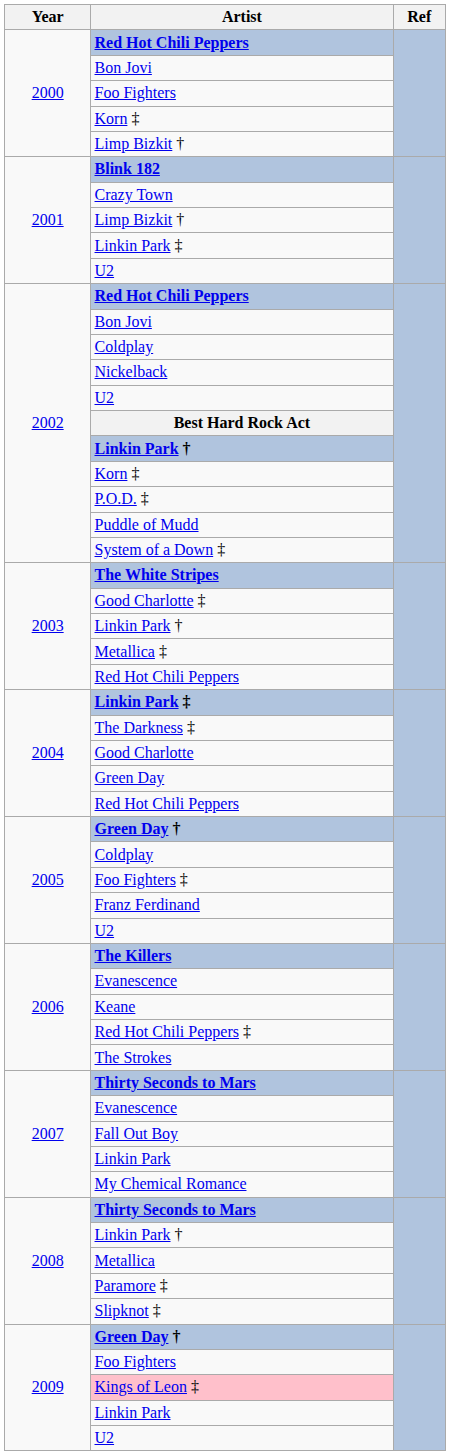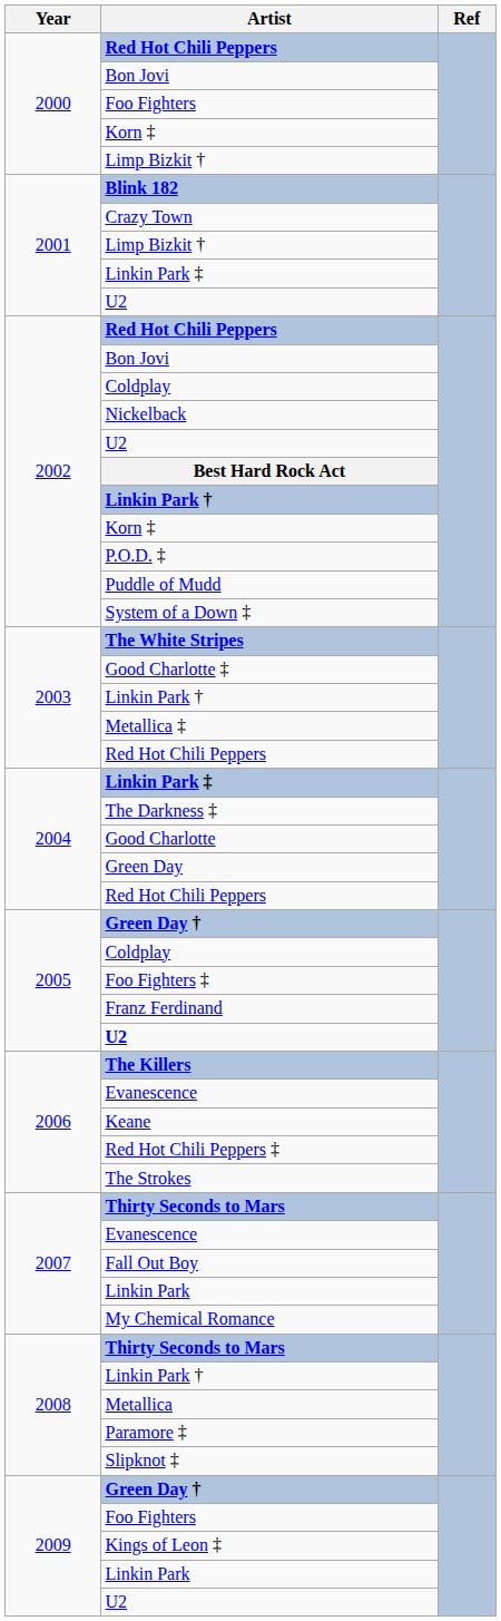 <table class="wikitable" style="width:50%">
 <tr style="background:#bebebe;">
 <th style="width:10%;">Year</th>
 <th style="width:35%;">Artist</th>
 <th style="width:5%;">Ref</th>
 </tr>
 <tr>
 <td rowspan="6" align="center"><a href='#'>2000</a></td>
 </tr>
 <tr style="background:#B0C4DE">
 <td><strong><a href='#'>Red Hot Chili Peppers</a></strong></td>
 <td rowspan="6" align="center"></td>
 </tr>
 <tr>
 <td><a href='#'>Bon Jovi</a></td>
 </tr>
 <tr>
 <td><a href='#'>Foo Fighters</a></td>
 </tr>
 <tr>
 <td><a href='#'>Korn</a> ‡</td>
 </tr>
 <tr>
 <td><a href='#'>Limp Bizkit</a> †</td>
 </tr>
 <tr>
 <td rowspan="6" align="center"><a href='#'>2001</a></td>
 </tr>
 <tr style="background:#B0C4DE">
 <td><strong><a href='#'>Blink 182</a></strong></td>
 <td rowspan="6" align="center"></td>
 </tr>
 <tr>
 <td><a href='#'>Crazy Town</a></td>
 </tr>
 <tr>
 <td><a href='#'>Limp Bizkit</a> †</td>
 </tr>
 <tr>
 <td><a href='#'>Linkin Park</a> ‡</td>
 </tr>
 <tr>
 <td><a href='#'>U2</a></td>
 </tr>
 <tr>
 <td rowspan="12" align="center"><a href='#'>2002</a></td>
 </tr>
 <tr style="background:#B0C4DE">
 <td><strong><a href='#'>Red Hot Chili Peppers</a></strong></td>
 <td rowspan="12" align="center"></td>
 </tr>
 <tr>
 <td><a href='#'>Bon Jovi</a></td>
 </tr>
 <tr>
 <td><a href='#'>Coldplay</a></td>
 </tr>
 <tr>
 <td><a href='#'>Nickelback</a></td>
 </tr>
 <tr>
 <td><a href='#'>U2</a></td>
 </tr>
 <tr>
 <th colspan="1">Best Hard Rock Act</th>
 </tr>
 <tr style="background:#B0C4DE">
 <td><strong><a href='#'>Linkin Park</a> †</strong></td>
 </tr>
 <tr>
 <td><a href='#'>Korn</a> ‡</td>
 </tr>
 <tr>
 <td><a href='#'>P.O.D.</a> ‡</td>
 </tr>
 <tr>
 <td><a href='#'>Puddle of Mudd</a></td>
 </tr>
 <tr>
 <td><a href='#'>System of a Down</a> ‡</td>
 </tr>
 <tr>
 <td rowspan="6" align="center"><a href='#'>2003</a></td>
 </tr>
 <tr style="background:#B0C4DE">
 <td><strong><a href='#'>The White Stripes</a></strong></td>
 <td rowspan="6" align="center"></td>
 </tr>
 <tr>
 <td><a href='#'>Good Charlotte</a> ‡</td>
 </tr>
 <tr>
 <td><a href='#'>Linkin Park</a> †</td>
 </tr>
 <tr>
 <td><a href='#'>Metallica</a> ‡</td>
 </tr>
 <tr>
 <td><a href='#'>Red Hot Chili Peppers</a></td>
 </tr>
 <tr>
 <td rowspan="6" align="center"><a href='#'>2004</a></td>
 </tr>
 <tr style="background:#B0C4DE">
 <td><strong><a href='#'>Linkin Park</a> ‡</strong></td>
 <td rowspan="6" align="center"></td>
 </tr>
 <tr>
 <td><a href='#'>The Darkness</a> ‡</td>
 </tr>
 <tr>
 <td><a href='#'>Good Charlotte</a></td>
 </tr>
 <tr>
 <td><a href='#'>Green Day</a></td>
 </tr>
 <tr>
 <td><a href='#'>Red Hot Chili Peppers</a></td>
 </tr>
 <tr>
 <td rowspan="6" align="center"><a href='#'>2005</a></td>
 </tr>
 <tr style="background:#B0C4DE">
 <td><strong><a href='#'>Green Day</a> †</strong></td>
 <td rowspan="6" align="center"></td>
 </tr>
 <tr>
 <td><a href='#'>Coldplay</a></td>
 </tr>
 <tr>
 <td><a href='#'>Foo Fighters</a> ‡</td>
 </tr>
 <tr>
 <td><a href='#'>Franz Ferdinand</a></td>
 </tr>
 <tr>
-<td><a href='#'>U2</a></td>
+<td><strong><a href='#'>U2</a></strong></td>
 </tr>
 <tr>
 <td rowspan="6" align="center"><a href='#'>2006</a></td>
 </tr>
 <tr style="background:#B0C4DE">
 <td><strong><a href='#'>The Killers</a></strong></td>
 <td rowspan="6" align="center"></td>
 </tr>
 <tr>
 <td><a href='#'>Evanescence</a></td>
 </tr>
 <tr>
 <td><a href='#'>Keane</a></td>
 </tr>
 <tr>
 <td><a href='#'>Red Hot Chili Peppers</a> ‡</td>
 </tr>
 <tr>
 <td><a href='#'>The Strokes</a></td>
 </tr>
 <tr>
 <td rowspan="6" align="center"><a href='#'>2007</a></td>
 </tr>
 <tr style="background:#B0C4DE">
 <td><strong><a href='#'>Thirty Seconds to Mars</a></strong></td>
 <td rowspan="6" align="center"></td>
 </tr>
 <tr>
 <td><a href='#'>Evanescence</a></td>
 </tr>
 <tr>
 <td><a href='#'>Fall Out Boy</a></td>
 </tr>
 <tr>
 <td><a href='#'>Linkin Park</a></td>
 </tr>
 <tr>
 <td><a href='#'>My Chemical Romance</a></td>
 </tr>
 <tr>
 <td rowspan="6" align="center"><a href='#'>2008</a></td>
 </tr>
 <tr style="background:#B0C4DE">
 <td><strong><a href='#'>Thirty Seconds to Mars</a></strong></td>
 <td rowspan="6" align="center"></td>
 </tr>
 <tr>
 <td><a href='#'>Linkin Park</a> †</td>
 </tr>
 <tr>
 <td><a href='#'>Metallica</a></td>
 </tr>
 <tr>
 <td><a href='#'>Paramore</a> ‡</td>
 </tr>
 <tr>
 <td><a href='#'>Slipknot</a> ‡</td>
 </tr>
 <tr>
 <td rowspan="6" align="center"><a href='#'>2009</a></td>
 </tr>
 <tr style="background:#B0C4DE">
 <td><strong><a href='#'>Green Day</a> †</strong></td>
 <td rowspan="6" align="center"></td>
 </tr>
 <tr>
 <td><a href='#'>Foo Fighters</a></td>
 </tr>
 <tr>
-<td style="background: pink;"><a href='#'>Kings of Leon</a> ‡</td>
+<td><a href='#'>Kings of Leon</a> ‡</td>
 </tr>
 <tr>
 <td><a href='#'>Linkin Park</a></td>
 </tr>
 <tr>
 <td><a href='#'>U2</a></td>
 </tr>
 </table>
